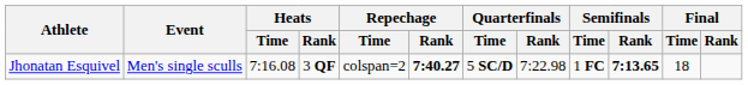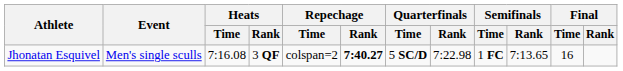 <table class="wikitable" style="font-size:90%">
 <tr>
 <th rowspan="2">Athlete</th>
 <th rowspan="2">Event</th>
 <th colspan="2">Heats</th>
 <th colspan="2">Repechage</th>
 <th colspan="2">Quarterfinals</th>
 <th colspan="2">Semifinals</th>
 <th colspan="2">Final</th>
 </tr>
 <tr style="font-size:95%">
 <th>Time</th>
 <th>Rank</th>
 <th>Time</th>
 <th>Rank</th>
 <th>Time</th>
 <th>Rank</th>
 <th>Time</th>
 <th>Rank</th>
 <th>Time</th>
 <th>Rank</th>
 </tr>
 <tr align=center>
 <td align=left><a href='#'>Jhonatan Esquivel</a></td>
 <td align=left><a href='#'>Men's single sculls</a></td>
 <td>7:16.08</td>
 <td>3 <strong>QF</strong></td>
 <td>colspan=2 </td>
 <td><strong>7:40.27</strong></td>
 <td>5 <strong>SC/D</strong></td>
 <td>7:22.98</td>
 <td>1 <strong>FC</strong></td>
-<td><strong>7:13.65</strong></td>
-<td>18</td>
+<td>7:13.65</td>
+<td>16</td>
 </tr>
 </table>
